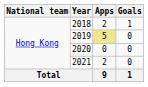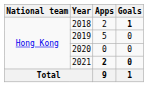 <table class="wikitable" style="text-align:center">
 <tr>
 <th>National team</th>
 <th>Year</th>
 <th>Apps</th>
 <th>Goals</th>
 </tr>
 <tr>
 <td rowspan="4"><a href='#'>Hong Kong</a></td>
 <td>2018</td>
 <td>2</td>
-<td>1</td>
+<td><strong>1</strong></td>
 </tr>
 <tr>
 <td>2019</td>
-<td style="background: khaki;">5</td>
+<td>5</td>
 <td>0</td>
 </tr>
 <tr>
 <td>2020</td>
 <td>0</td>
 <td>0</td>
 </tr>
 <tr>
 <td>2021</td>
-<td>2</td>
-<td>0</td>
+<td><strong>2</strong></td>
+<td><strong>0</strong></td>
 </tr>
 <tr>
 <th colspan=2>Total</th>
 <th>9</th>
 <th>1</th>
 </tr>
 </table>
